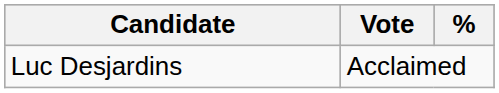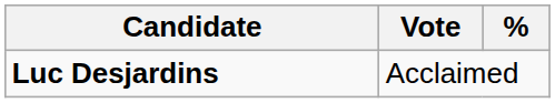 <table class="wikitable">
 <tr>
 <th bgcolor="#DDDDFF" width="200px">Candidate</th>
 <th bgcolor="#DDDDFF" width="50px">Vote</th>
 <th bgcolor="#DDDDFF" width="30px">%</th>
 </tr>
 <tr>
-<td>Luc Desjardins</td>
+<td><strong>Luc Desjardins</strong></td>
 <td colspan="2">Acclaimed</td>
 </tr>
 </table>
